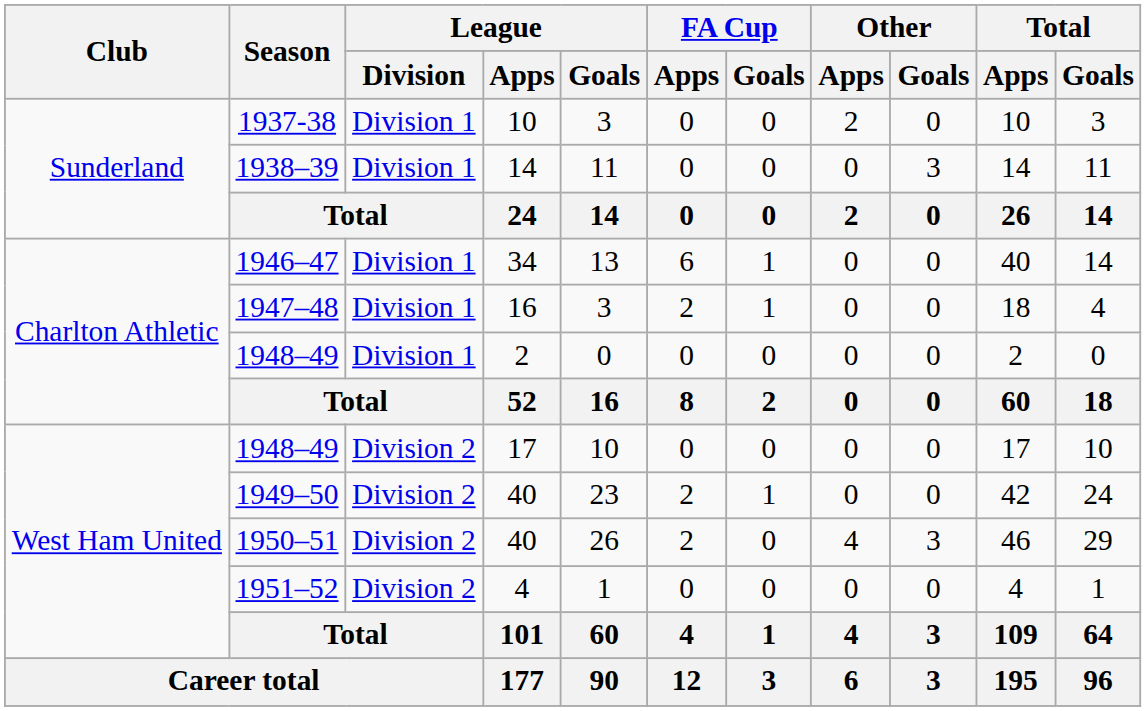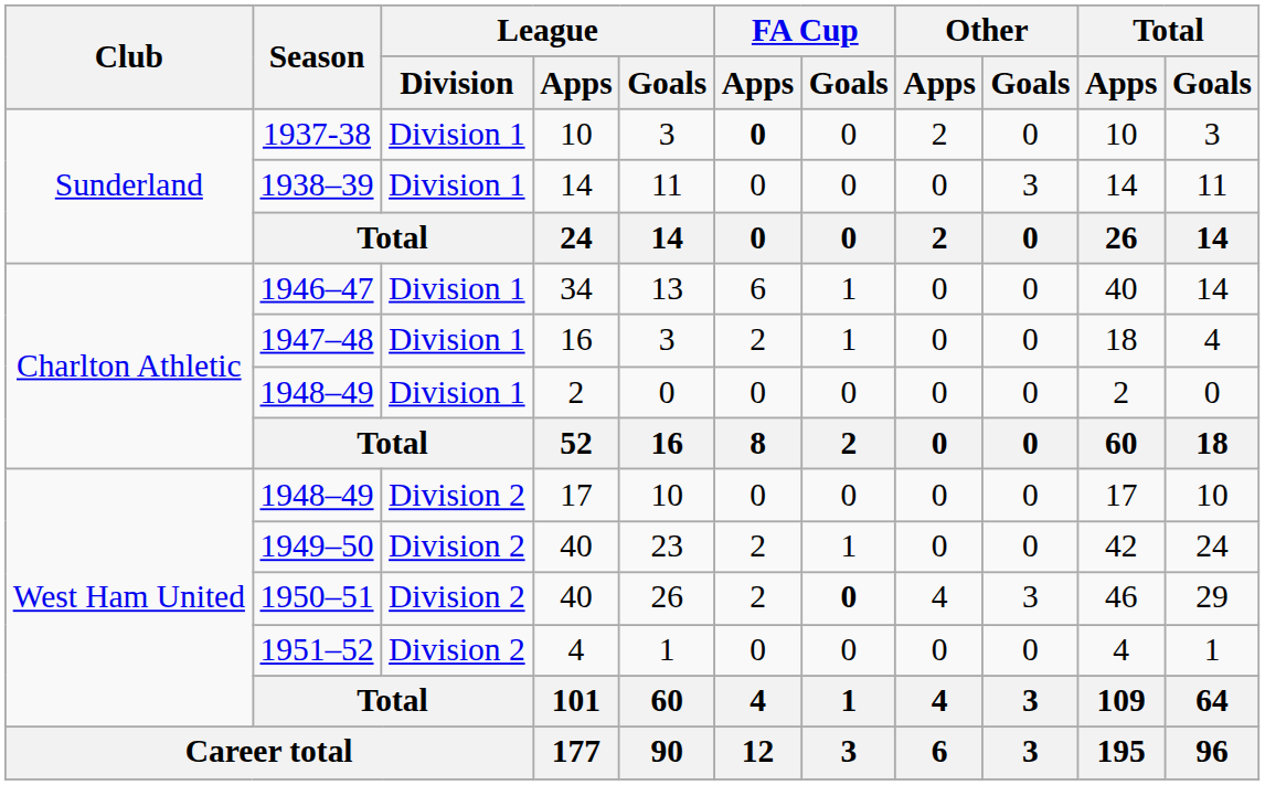 <table class="wikitable" style="text-align:center">
 <tr>
 <th rowspan="2">Club</th>
 <th rowspan="2">Season</th>
 <th colspan="3">League</th>
 <th colspan="2"><a href='#'>FA Cup</a></th>
 <th colspan="2">Other</th>
 <th colspan="2">Total</th>
 </tr>
 <tr>
 <th>Division</th>
 <th>Apps</th>
 <th>Goals</th>
 <th>Apps</th>
 <th>Goals</th>
 <th>Apps</th>
 <th>Goals</th>
 <th>Apps</th>
 <th>Goals</th>
 </tr>
 <tr>
 <td rowspan="3"><a href='#'>Sunderland</a></td>
 <td><a href='#'>1937-38</a></td>
 <td><a href='#'>Division 1</a></td>
 <td>10</td>
 <td>3</td>
-<td —>0</td>
+<td —><strong>0</strong></td>
 <td>0</td>
 <td>2</td>
 <td>0</td>
 <td>10</td>
 <td>3</td>
 </tr>
 <tr>
 <td><a href='#'>1938–39</a></td>
 <td><a href='#'>Division 1</a></td>
 <td>14</td>
 <td>11</td>
 <td>0</td>
 <td>0</td>
 <td>0</td>
 <td>3</td>
 <td>14</td>
 <td>11</td>
 </tr>
 <tr>
 <th colspan="2">Total</th>
 <th>24</th>
 <th>14</th>
 <th>0</th>
 <th>0</th>
 <th>2</th>
 <th>0</th>
 <th>26</th>
 <th>14</th>
 </tr>
 <tr>
 <td rowspan="4"><a href='#'>Charlton Athletic</a></td>
 <td><a href='#'>1946–47</a></td>
 <td><a href='#'>Division 1</a></td>
 <td>34</td>
 <td>13</td>
 <td>6</td>
 <td>1</td>
 <td>0</td>
 <td>0</td>
 <td>40</td>
 <td>14</td>
 </tr>
 <tr>
 <td><a href='#'>1947–48</a></td>
 <td><a href='#'>Division 1</a></td>
 <td>16</td>
 <td>3</td>
 <td>2</td>
 <td>1</td>
 <td>0</td>
 <td>0</td>
 <td>18</td>
 <td>4</td>
 </tr>
 <tr>
 <td><a href='#'>1948–49</a></td>
 <td><a href='#'>Division 1</a></td>
 <td>2</td>
 <td>0</td>
 <td>0</td>
 <td>0</td>
 <td>0</td>
 <td>0</td>
 <td>2</td>
 <td>0</td>
 </tr>
 <tr>
 <th colspan="2">Total</th>
 <th>52</th>
 <th>16</th>
 <th>8</th>
 <th>2</th>
 <th>0</th>
 <th>0</th>
 <th>60</th>
 <th>18</th>
 </tr>
 <tr>
 <td rowspan="5"><a href='#'>West Ham United</a></td>
 <td><a href='#'>1948–49</a></td>
 <td><a href='#'>Division 2</a></td>
 <td>17</td>
 <td>10</td>
 <td —>0</td>
 <td>0</td>
 <td>0</td>
 <td>0</td>
 <td>17</td>
 <td>10</td>
 </tr>
 <tr>
 <td><a href='#'>1949–50</a></td>
 <td><a href='#'>Division 2</a></td>
 <td>40</td>
 <td>23</td>
 <td>2</td>
 <td>1</td>
 <td>0</td>
 <td>0</td>
 <td>42</td>
 <td>24</td>
 </tr>
 <tr>
 <td><a href='#'>1950–51</a></td>
 <td><a href='#'>Division 2</a></td>
 <td>40</td>
 <td>26</td>
 <td>2</td>
-<td>0</td>
+<td><strong>0</strong></td>
 <td>4</td>
 <td>3</td>
 <td>46</td>
 <td>29</td>
 </tr>
 <tr>
 <td><a href='#'>1951–52</a></td>
 <td><a href='#'>Division 2</a></td>
 <td>4</td>
 <td>1</td>
 <td>0</td>
 <td>0</td>
 <td>0</td>
 <td>0</td>
 <td>4</td>
 <td>1</td>
 </tr>
 <tr>
 <th colspan="2">Total</th>
 <th>101</th>
 <th>60</th>
 <th>4</th>
 <th>1</th>
 <th>4</th>
 <th>3</th>
 <th>109</th>
 <th>64</th>
 </tr>
 <tr>
 <th colspan="3">Career total</th>
 <th>177</th>
 <th>90</th>
 <th>12</th>
 <th>3</th>
 <th>6</th>
 <th>3</th>
 <th>195</th>
 <th>96</th>
 </tr>
 </table>
